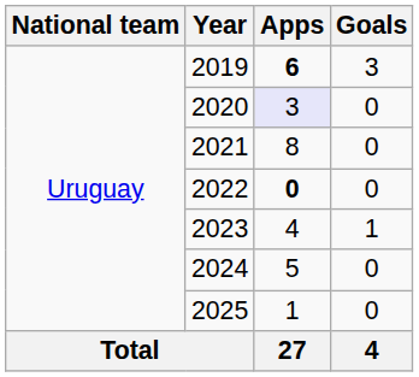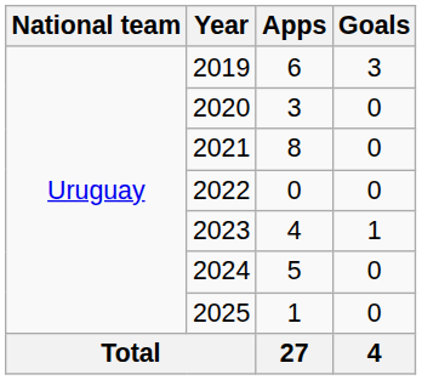 <table class="wikitable" style="text-align:center">
 <tr>
 <th>National team</th>
 <th>Year</th>
 <th>Apps</th>
 <th>Goals</th>
 </tr>
 <tr>
 <td rowspan="7"><a href='#'>Uruguay</a></td>
 <td>2019</td>
-<td><strong>6</strong></td>
+<td>6</td>
 <td>3</td>
 </tr>
 <tr>
 <td>2020</td>
-<td style="background: lavender;">3</td>
+<td>3</td>
 <td>0</td>
 </tr>
 <tr>
 <td>2021</td>
 <td>8</td>
 <td>0</td>
 </tr>
 <tr>
 <td>2022</td>
-<td><strong>0</strong></td>
+<td>0</td>
 <td>0</td>
 </tr>
 <tr>
 <td>2023</td>
 <td>4</td>
 <td>1</td>
 </tr>
 <tr>
 <td>2024</td>
 <td>5</td>
 <td>0</td>
 </tr>
 <tr>
 <td>2025</td>
 <td>1</td>
 <td>0</td>
 </tr>
 <tr>
 <th colspan="2">Total</th>
 <th>27</th>
 <th>4</th>
 </tr>
 </table>
